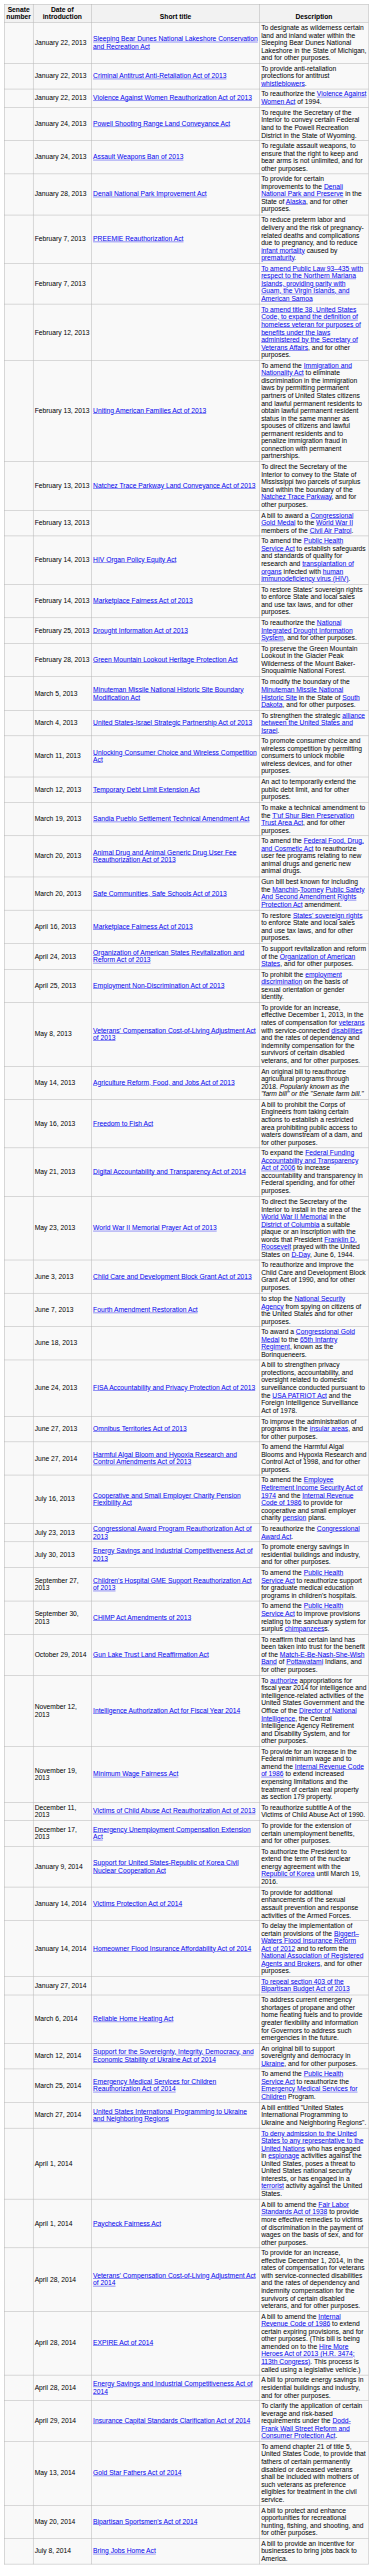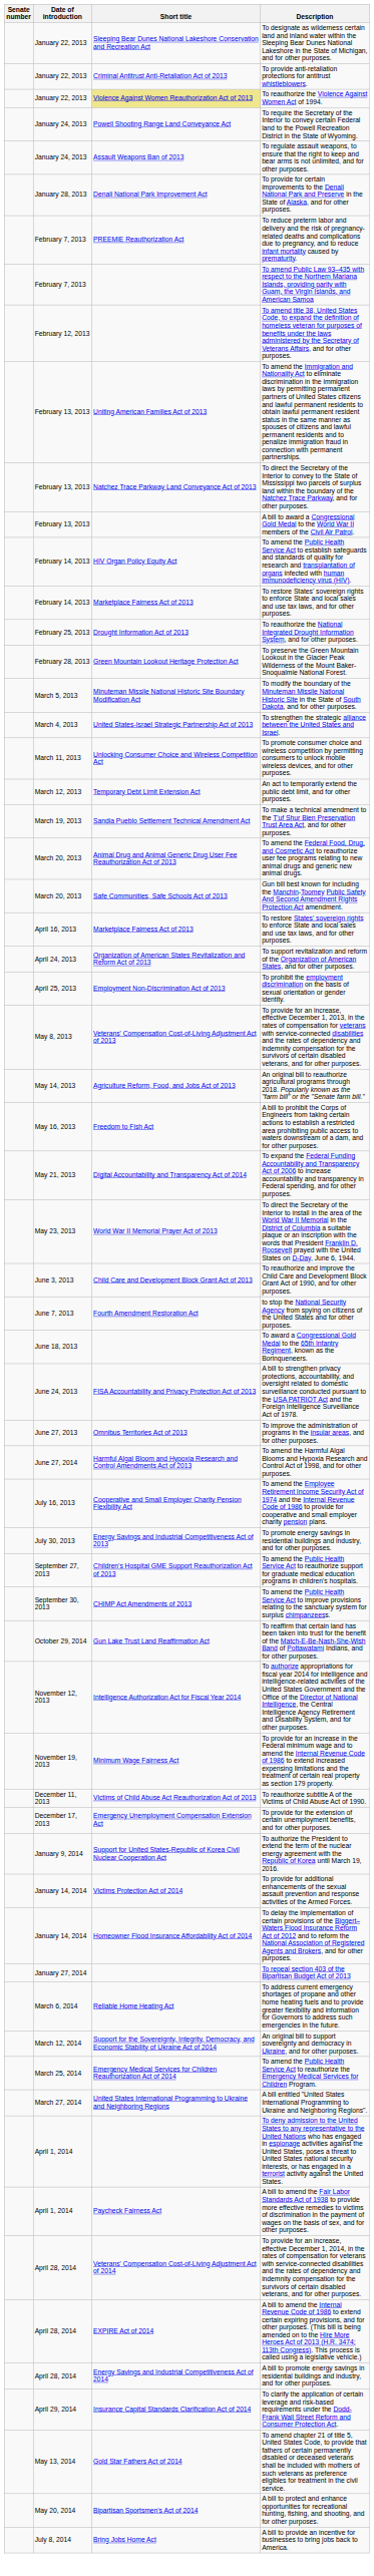 <table class="wikitable">
 <tr valign="bottom">
 <th>Senate number</th>
 <th>Date of introduction</th>
 <th>Short title</th>
 <th>Description</th>
 </tr>
 <tr>
 <td></td>
 <td>January 22, 2013</td>
 <td><a href='#'>Sleeping Bear Dunes National Lakeshore Conservation and Recreation Act</a></td>
 <td>To designate as wilderness certain land and inland water within the Sleeping Bear Dunes National Lakeshore in the State of Michigan, and for other purposes.</td>
 </tr>
 <tr>
 <td></td>
 <td>January 22, 2013</td>
 <td><a href='#'>Criminal Antitrust Anti-Retaliation Act of 2013</a></td>
 <td>To provide anti-retaliation protections for antitrust <a href='#'>whistleblowers</a>.</td>
 </tr>
 <tr>
 <td></td>
 <td nowrap="">January 22, 2013</td>
-<td nowrap=""><a href='#'>Violence Against Women Reauthorization Act of 2013</a></td>
+<td nowrap="" style="background: khaki;"><a href='#'>Violence Against Women Reauthorization Act of 2013</a></td>
 <td>To reauthorize the <a href='#'>Violence Against Women Act</a> of 1994.</td>
 </tr>
 <tr>
 <td></td>
 <td>January 24, 2013</td>
 <td><a href='#'>Powell Shooting Range Land Conveyance Act</a></td>
 <td>To require the Secretary of the Interior to convey certain Federal land to the Powell Recreation District in the State of Wyoming.</td>
 </tr>
 <tr>
 <td></td>
 <td>January 24, 2013</td>
 <td><a href='#'>Assault Weapons Ban of 2013</a></td>
 <td>To regulate assault weapons, to ensure that the right to keep and bear arms is not unlimited, and for other purposes.</td>
 </tr>
 <tr>
 <td></td>
 <td>January 28, 2013</td>
 <td><a href='#'>Denali National Park Improvement Act</a></td>
 <td>To provide for certain improvements to the <a href='#'>Denali National Park and Preserve</a> in the State of <a href='#'>Alaska</a>, and for other purposes.</td>
 </tr>
 <tr>
 <td></td>
 <td>February 7, 2013</td>
 <td><a href='#'>PREEMIE Reauthorization Act</a></td>
 <td>To reduce preterm labor and delivery and the risk of pregnancy-related deaths and complications due to pregnancy, and to reduce <a href='#'>infant mortality</a> caused by <a href='#'>prematurity</a>.</td>
 </tr>
 <tr>
 <td></td>
 <td>February 7, 2013</td>
 <td></td>
 <td><a href='#'>To amend Public Law 93–435 with respect to the Northern Mariana Islands, providing parity with Guam, the Virgin Islands, and American Samoa</a></td>
 </tr>
 <tr>
 <td></td>
 <td>February 12, 2013</td>
 <td></td>
 <td><a href='#'>To amend title 38, United States Code, to expand the definition of homeless veteran for purposes of benefits under the laws administered by the Secretary of Veterans Affairs</a>, and for other purposes.</td>
 </tr>
 <tr>
 <td nowrap=""></td>
 <td nowrap="">February 13, 2013</td>
 <td><a href='#'>Uniting American Families Act of 2013</a></td>
 <td>To amend the <a href='#'>Immigration and Nationality Act</a> to eliminate discrimination in the immigration laws by permitting permanent partners of United States citizens and lawful permanent residents to obtain lawful permanent resident status in the same manner as spouses of citizens and lawful permanent residents and to penalize immigration fraud in connection with permanent partnerships.</td>
 </tr>
 <tr>
 <td></td>
 <td>February 13, 2013</td>
 <td><a href='#'>Natchez Trace Parkway Land Conveyance Act of 2013</a></td>
 <td>To direct the Secretary of the Interior to convey to the State of Mississippi two parcels of surplus land within the boundary of the <a href='#'>Natchez Trace Parkway</a>, and for other purposes.</td>
 </tr>
 <tr>
 <td></td>
 <td>February 13, 2013</td>
 <td></td>
 <td>A bill to award a <a href='#'>Congressional Gold Medal</a> to the <a href='#'>World War II</a> members of the <a href='#'>Civil Air Patrol</a>.</td>
 </tr>
 <tr>
 <td></td>
 <td>February 14, 2013</td>
 <td><a href='#'>HIV Organ Policy Equity Act</a></td>
 <td>To amend the <a href='#'>Public Health Service Act</a> to establish safeguards and standards of quality for research and <a href='#'>transplantation of organs</a> infected with <a href='#'>human immunodeficiency virus (HIV)</a>.</td>
 </tr>
 <tr>
 <td></td>
 <td>February 14, 2013</td>
 <td><a href='#'>Marketplace Fairness Act of 2013</a></td>
 <td>To restore States' sovereign rights to enforce State and local sales and use tax laws, and for other purposes.</td>
 </tr>
 <tr>
 <td></td>
 <td>February 25, 2013</td>
 <td><a href='#'>Drought Information Act of 2013</a></td>
 <td>To reauthorize the <a href='#'>National Integrated Drought Information System</a>, and for other purposes.</td>
 </tr>
 <tr>
 <td></td>
 <td>February 28, 2013</td>
 <td><a href='#'>Green Mountain Lookout Heritage Protection Act</a></td>
 <td>To preserve the Green Mountain Lookout in the Glacier Peak Wilderness of the Mount Baker-Snoqualmie National Forest.</td>
 </tr>
 <tr>
 <td></td>
 <td>March 5, 2013</td>
 <td><a href='#'>Minuteman Missile National Historic Site Boundary Modification Act</a></td>
 <td>To modify the boundary of the <a href='#'>Minuteman Missile National Historic Site</a> in the State of <a href='#'>South Dakota</a>, and for other purposes.</td>
 </tr>
 <tr>
 <td></td>
 <td>March 4, 2013</td>
 <td><a href='#'>United States-Israel Strategic Partnership Act of 2013</a></td>
 <td>To strengthen the strategic <a href='#'>alliance between the United States and Israel</a>.</td>
 </tr>
 <tr>
 <td></td>
 <td>March 11, 2013</td>
 <td><a href='#'>Unlocking Consumer Choice and Wireless Competition Act</a></td>
 <td>To promote consumer choice and wireless competition by permitting consumers to unlock mobile wireless devices, and for other purposes.</td>
 </tr>
 <tr>
 <td></td>
 <td>March 12, 2013</td>
 <td><a href='#'>Temporary Debt Limit Extension Act</a></td>
 <td>An act to temporarily extend the public debt limit, and for other purposes.</td>
 </tr>
 <tr>
 <td></td>
 <td>March 19, 2013</td>
 <td><a href='#'>Sandia Pueblo Settlement Technical Amendment Act</a></td>
 <td>To make a technical amendment to the <a href='#'>T'uf Shur Bien Preservation Trust Area Act</a>, and for other purposes.</td>
 </tr>
 <tr>
 <td></td>
 <td>March 20, 2013</td>
 <td><a href='#'>Animal Drug and Animal Generic Drug User Fee Reauthorization Act of 2013</a></td>
 <td>To amend the <a href='#'>Federal Food, Drug, and Cosmetic Act</a> to reauthorize user fee programs relating to new animal drugs and generic new animal drugs.</td>
 </tr>
 <tr>
 <td></td>
 <td>March 20, 2013</td>
 <td><a href='#'>Safe Communities, Safe Schools Act of 2013</a></td>
 <td>Gun bill best known for including the <a href='#'>Manchin</a>-<a href='#'>Toomey</a> <a href='#'>Public Safety And Second Amendment Rights Protection Act</a> amendment.</td>
 </tr>
 <tr>
 <td></td>
 <td>April 16, 2013</td>
 <td><a href='#'>Marketplace Fairness Act of 2013</a></td>
 <td>To restore <a href='#'>States' sovereign rights</a> to enforce State and local sales and use tax laws, and for other purposes.</td>
 </tr>
 <tr>
 <td></td>
 <td>April 24, 2013</td>
 <td><a href='#'>Organization of American States Revitalization and Reform Act of 2013</a></td>
 <td>To support revitalization and reform of the <a href='#'>Organization of American States</a>, and for other purposes.</td>
 </tr>
 <tr>
 <td></td>
 <td>April 25, 2013</td>
 <td><a href='#'>Employment Non-Discrimination Act of 2013</a></td>
 <td>To prohibit the <a href='#'>employment discrimination</a> on the basis of sexual orientation or gender identity.</td>
 </tr>
 <tr>
 <td></td>
 <td>May 8, 2013</td>
 <td><a href='#'>Veterans' Compensation Cost-of-Living Adjustment Act of 2013</a></td>
 <td>To provide for an increase, effective December 1, 2013, in the rates of compensation for <a href='#'>veterans</a> with service-connected <a href='#'>disabilities</a> and the rates of dependency and indemnity compensation for the survivors of certain disabled veterans, and for other purposes.</td>
 </tr>
 <tr>
 <td></td>
 <td>May 14, 2013</td>
 <td><a href='#'>Agriculture Reform, Food, and Jobs Act of 2013</a></td>
 <td>An original bill to reauthorize agricultural programs through 2018.  <em>Popularly known as the "farm bill" or the "Senate farm bill."</em></td>
 </tr>
 <tr>
 <td></td>
 <td>May 16, 2013</td>
 <td><a href='#'>Freedom to Fish Act</a></td>
 <td>A bill to prohibit the Corps of Engineers from taking certain actions to establish a restricted area prohibiting public access to waters downstream of a dam, and for other purposes.</td>
 </tr>
 <tr>
 <td></td>
 <td>May 21, 2013</td>
 <td><a href='#'>Digital Accountability and Transparency Act of 2014</a></td>
 <td>To expand the <a href='#'>Federal Funding Accountability and Transparency Act of 2006</a> to increase accountability and transparency in Federal spending, and for other purposes.</td>
 </tr>
 <tr>
 <td></td>
 <td>May 23, 2013</td>
 <td><a href='#'>World War II Memorial Prayer Act of 2013</a></td>
 <td>To direct the Secretary of the Interior to install in the area of the <a href='#'>World War II Memorial</a> in the <a href='#'>District of Columbia</a> a suitable plaque or an inscription with the words that President <a href='#'>Franklin D. Roosevelt</a> prayed with the United States on <a href='#'>D-Day</a>, June 6, 1944.</td>
 </tr>
 <tr>
 <td></td>
 <td>June 3, 2013</td>
 <td><a href='#'>Child Care and Development Block Grant Act of 2013</a></td>
 <td>To reauthorize and improve the Child Care and Development Block Grant Act of 1990, and for other purposes.</td>
 </tr>
 <tr>
 <td></td>
 <td>June 7, 2013</td>
 <td><a href='#'>Fourth Amendment Restoration Act</a></td>
 <td>to stop the <a href='#'>National Security Agency</a> from spying on citizens of the United States and for other purposes.</td>
 </tr>
 <tr>
 <td></td>
 <td>June 18, 2013</td>
 <td></td>
 <td>To award a <a href='#'>Congressional Gold Medal</a> to the <a href='#'>65th Infantry Regiment</a>, known as the Borinqueneers.</td>
 </tr>
 <tr>
 <td></td>
 <td>June 24, 2013</td>
 <td><a href='#'>FISA Accountability and Privacy Protection Act of 2013</a></td>
 <td>A bill to strengthen privacy protections, accountability, and oversight related to domestic surveillance conducted pursuant to the <a href='#'>USA PATRIOT Act</a> and the Foreign Intelligence Surveillance Act of 1978.</td>
 </tr>
 <tr>
 <td></td>
 <td>June 27, 2013</td>
 <td><a href='#'>Omnibus Territories Act of 2013</a></td>
 <td>To improve the administration of programs in the <a href='#'>insular areas</a>, and for other purposes.</td>
 </tr>
 <tr>
 <td></td>
 <td>June 27, 2014</td>
 <td><a href='#'>Harmful Algal Bloom and Hypoxia Research and Control Amendments Act of 2013</a></td>
 <td>To amend the Harmful Algal Blooms and Hypoxia Research and Control Act of 1998, and for other purposes.</td>
 </tr>
 <tr>
 <td></td>
 <td>July 16, 2013</td>
 <td><a href='#'>Cooperative and Small Employer Charity Pension Flexibility Act</a></td>
 <td>To amend the <a href='#'>Employee Retirement Income Security Act of 1974</a> and the <a href='#'>Internal Revenue Code of 1986</a> to provide for cooperative and small employer charity <a href='#'>pension</a> plans.</td>
 </tr>
 <tr>
 <td></td>
-<td>July 23, 2013</td>
-<td><a href='#'>Congressional Award Program Reauthorization Act of 2013</a></td>
-<td>To reauthorize the <a href='#'>Congressional Award Act</a>.</td>
-</tr>
-<tr>
-<td></td>
 <td>July 30, 2013</td>
 <td><a href='#'>Energy Savings and Industrial Competitiveness Act of 2013</a></td>
 <td>To promote energy savings in residential buildings and industry, and for other purposes.</td>
 </tr>
 <tr>
 <td></td>
 <td>September 27, 2013</td>
 <td><a href='#'>Children's Hospital GME Support Reauthorization Act of 2013</a></td>
 <td>To amend the <a href='#'>Public Health Service Act</a> to reauthorize support for graduate medical education programs in children's hospitals.</td>
 </tr>
 <tr>
 <td></td>
 <td>September 30, 2013</td>
 <td><a href='#'>CHIMP Act Amendments of 2013</a></td>
 <td>To amend the <a href='#'>Public Health Service Act</a> to improve provisions relating to the sanctuary system for surplus <a href='#'>chimpanzees</a>s.</td>
 </tr>
 <tr>
 <td></td>
 <td>October 29, 2014</td>
 <td><a href='#'>Gun Lake Trust Land Reaffirmation Act</a></td>
 <td>To reaffirm that certain land has been taken into trust for the benefit of the <a href='#'>Match-E-Be-Nash-She-Wish Band</a> of <a href='#'>Pottawatami</a> Indians, and for other purposes.</td>
 </tr>
 <tr>
 <td></td>
 <td>November 12, 2013</td>
 <td><a href='#'>Intelligence Authorization Act for Fiscal Year 2014</a></td>
 <td>To <a href='#'>authorize</a> appropriations for fiscal year 2014 for intelligence and intelligence-related activities of the United States Government and the Office of the <a href='#'>Director of National Intelligence</a>, the Central Intelligence Agency Retirement and Disability System, and for other purposes.</td>
 </tr>
 <tr>
 <td></td>
 <td>November 19, 2013</td>
 <td><a href='#'>Minimum Wage Fairness Act</a></td>
 <td>To provide for an increase in the Federal minimum wage and to amend the <a href='#'>Internal Revenue Code of 1986</a> to extend increased expensing limitations and the treatment of certain real property as section 179 property.</td>
 </tr>
 <tr>
 <td></td>
 <td>December 11, 2013</td>
 <td><a href='#'>Victims of Child Abuse Act Reauthorization Act of 2013</a></td>
 <td>To reauthorize subtitle A of the Victims of Child Abuse Act of 1990.</td>
 </tr>
 <tr>
 <td></td>
 <td>December 17, 2013</td>
 <td><a href='#'>Emergency Unemployment Compensation Extension Act</a></td>
 <td>To provide for the extension of certain unemployment benefits, and for other purposes.</td>
 </tr>
 <tr>
 <td></td>
 <td>January 9, 2014</td>
 <td><a href='#'>Support for United States-Republic of Korea Civil Nuclear Cooperation Act</a></td>
 <td>To authorize the President to extend the term of the nuclear energy agreement with the <a href='#'>Republic of Korea</a> until March 19, 2016.</td>
 </tr>
 <tr>
 <td></td>
 <td>January 14, 2014</td>
 <td><a href='#'>Victims Protection Act of 2014</a></td>
 <td>To provide for additional enhancements of the sexual assault prevention and response activities of the Armed Forces.</td>
 </tr>
 <tr>
 <td></td>
 <td>January 14, 2014</td>
 <td><a href='#'>Homeowner Flood Insurance Affordability Act of 2014</a></td>
 <td>To delay the implementation of certain provisions of the <a href='#'>Biggert–Waters Flood Insurance Reform Act of 2012</a> and to reform the <a href='#'>National Association of Registered Agents and Brokers</a>, and for other purposes.</td>
 </tr>
 <tr>
 <td></td>
 <td>January 27, 2014</td>
 <td></td>
 <td><a href='#'>To repeal section 403 of the Bipartisan Budget Act of 2013</a></td>
 </tr>
 <tr>
 <td></td>
 <td>March 6, 2014</td>
 <td><a href='#'>Reliable Home Heating Act</a></td>
 <td>To address current emergency shortages of propane and other home heating fuels and to provide greater flexibility and information for Governors to address such emergencies in the future.</td>
 </tr>
 <tr>
 <td></td>
 <td>March 12, 2014</td>
 <td><a href='#'>Support for the Sovereignty, Integrity, Democracy, and Economic Stability of Ukraine Act of 2014</a></td>
 <td>An original bill to support sovereignty and democracy in <a href='#'>Ukraine</a>, and for other purposes.</td>
 </tr>
 <tr>
 <td></td>
 <td>March 25, 2014</td>
 <td><a href='#'>Emergency Medical Services for Children Reauthorization Act of 2014</a></td>
 <td>To amend the <a href='#'>Public Health Service Act</a> to reauthorize the <a href='#'>Emergency Medical Services for Children</a> Program.</td>
 </tr>
 <tr>
 <td></td>
 <td>March 27, 2014</td>
 <td><a href='#'>United States International Programming to Ukraine and Neighboring Regions</a></td>
 <td>A bill entitled "United States International Programming to Ukraine and Neighboring Regions".</td>
 </tr>
 <tr>
 <td></td>
 <td>April 1, 2014</td>
 <td></td>
 <td><a href='#'>To deny admission to the United States to any representative to the United Nations</a> who has engaged in <a href='#'>espionage</a> activities against the United States, poses a threat to United States national security interests, or has engaged in a <a href='#'>terrorist</a> activity against the United States.</td>
 </tr>
 <tr>
 <td></td>
 <td>April 1, 2014</td>
 <td><a href='#'>Paycheck Fairness Act</a></td>
 <td>A bill to amend the <a href='#'>Fair Labor Standards Act of 1938</a> to provide more effective remedies to victims of discrimination in the payment of wages on the basis of sex, and for other purposes.</td>
 </tr>
 <tr>
 <td></td>
 <td>April 28, 2014</td>
 <td><a href='#'>Veterans' Compensation Cost-of-Living Adjustment Act of 2014</a></td>
 <td>To provide for an increase, effective December 1, 2014, in the rates of compensation for veterans with service-connected disabilities and the rates of dependency and indemnity compensation for the survivors of certain disabled veterans, and for other purposes.</td>
 </tr>
 <tr>
 <td></td>
 <td>April 28, 2014</td>
 <td><a href='#'>EXPIRE Act of 2014</a></td>
 <td>A bill to amend the <a href='#'>Internal Revenue Code of 1986</a> to extend certain expiring provisions, and for other purposes. (This bill is being amended on to the <a href='#'>Hire More Heroes Act of 2013 (H.R. 3474; 113th Congress)</a>. This process is called using a legislative vehicle.)</td>
 </tr>
 <tr>
 <td></td>
 <td>April 28, 2014</td>
 <td><a href='#'>Energy Savings and Industrial Competitiveness Act of 2014</a></td>
 <td>A bill to promote energy savings in residential buildings and industry, and for other purposes.</td>
 </tr>
 <tr>
 <td></td>
 <td>April 29, 2014</td>
 <td><a href='#'>Insurance Capital Standards Clarification Act of 2014</a></td>
 <td>To clarify the application of certain leverage and risk-based requirements under the <a href='#'>Dodd-Frank Wall Street Reform and Consumer Protection Act</a>.</td>
 </tr>
 <tr>
 <td></td>
 <td>May 13, 2014</td>
 <td><a href='#'>Gold Star Fathers Act of 2014</a></td>
 <td>To amend chapter 21 of title 5, United States Code, to provide that fathers of certain permanently disabled or deceased veterans shall be included with mothers of such veterans as preference eligibles for treatment in the civil service.</td>
 </tr>
 <tr>
 <td></td>
 <td>May 20, 2014</td>
 <td><a href='#'>Bipartisan Sportsmen's Act of 2014</a></td>
 <td>A bill to protect and enhance opportunities for recreational hunting, fishing, and shooting, and for other purposes.</td>
 </tr>
 <tr>
 <td></td>
 <td>July 8, 2014</td>
 <td><a href='#'>Bring Jobs Home Act</a></td>
 <td>A bill to provide an incentive for businesses to bring jobs back to America.</td>
 </tr>
 </table>
